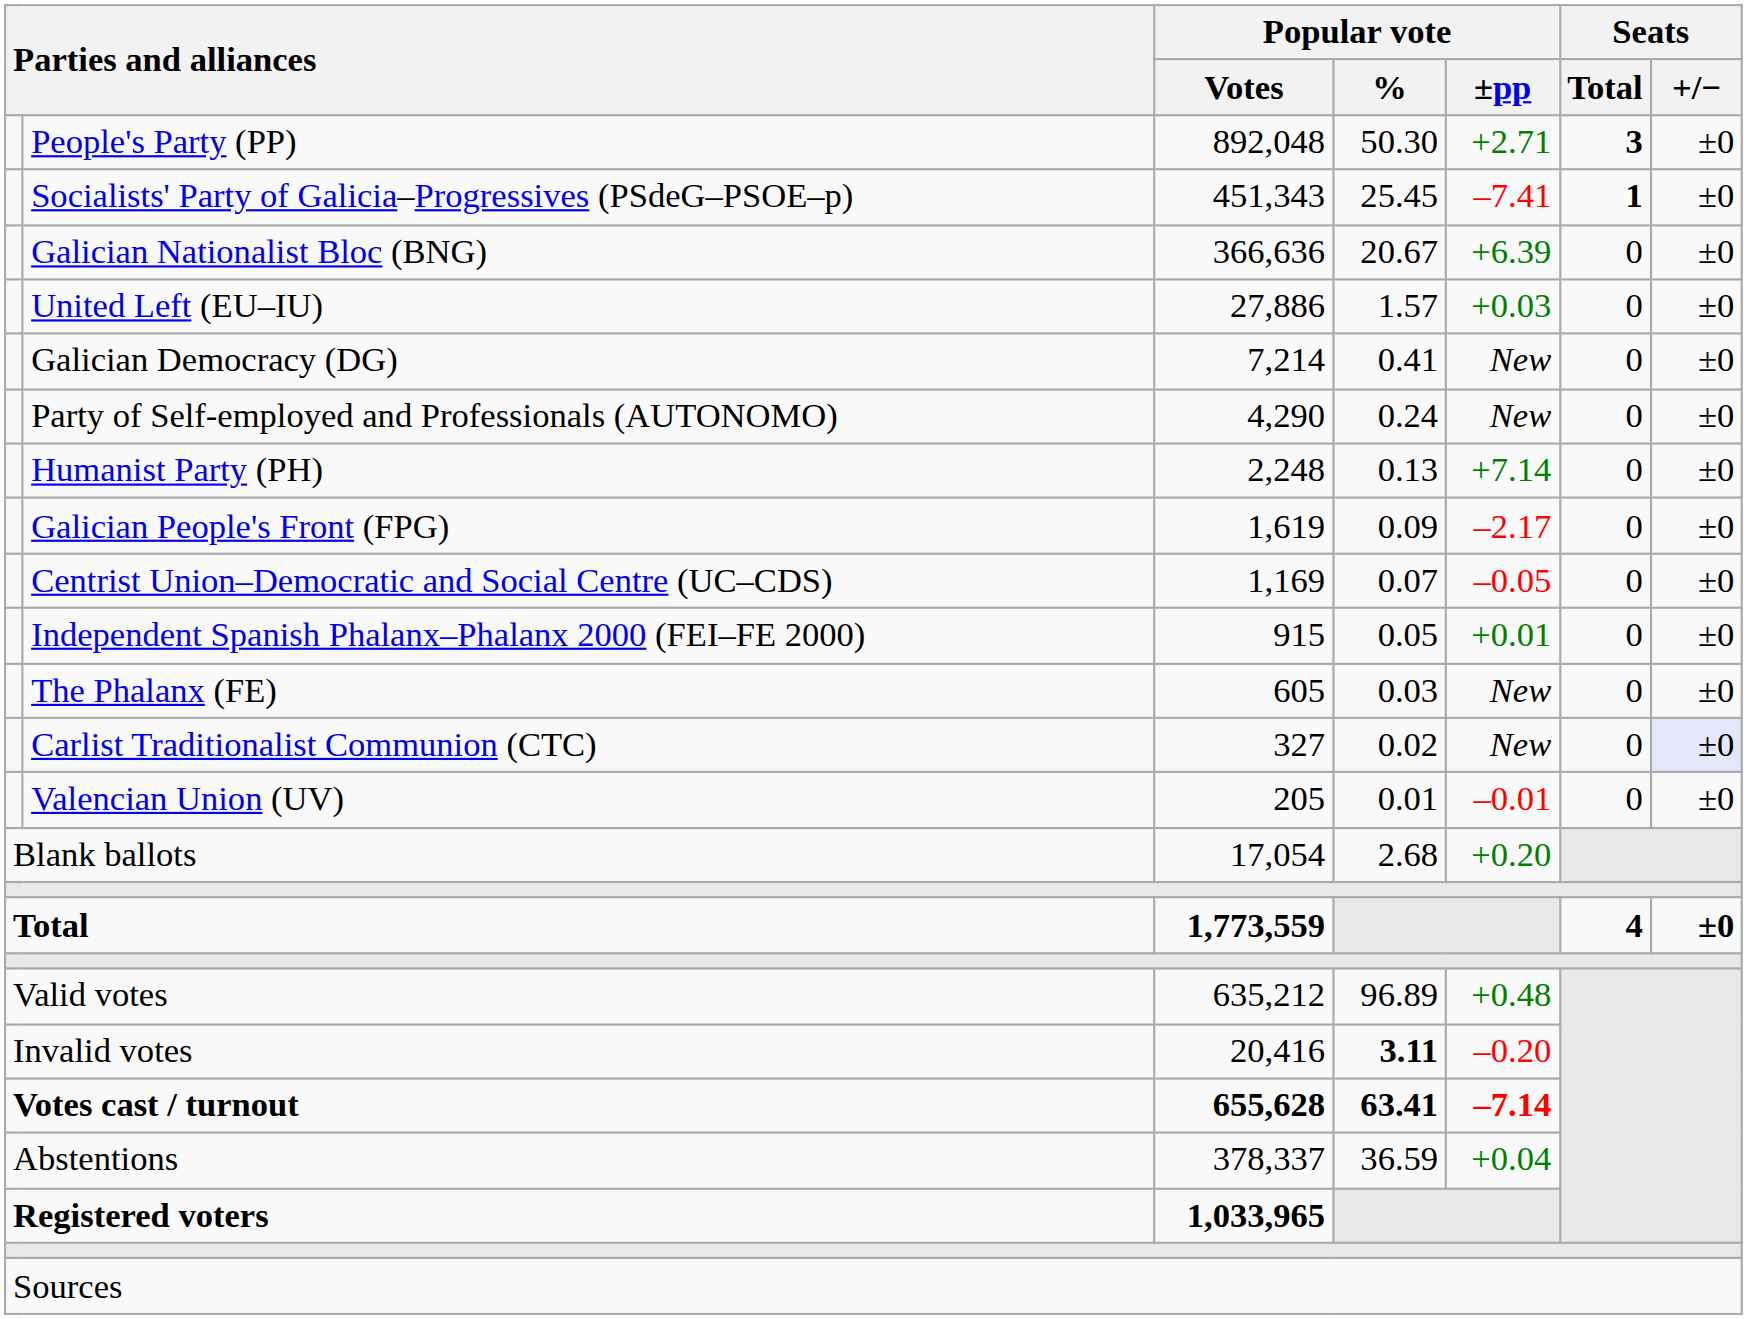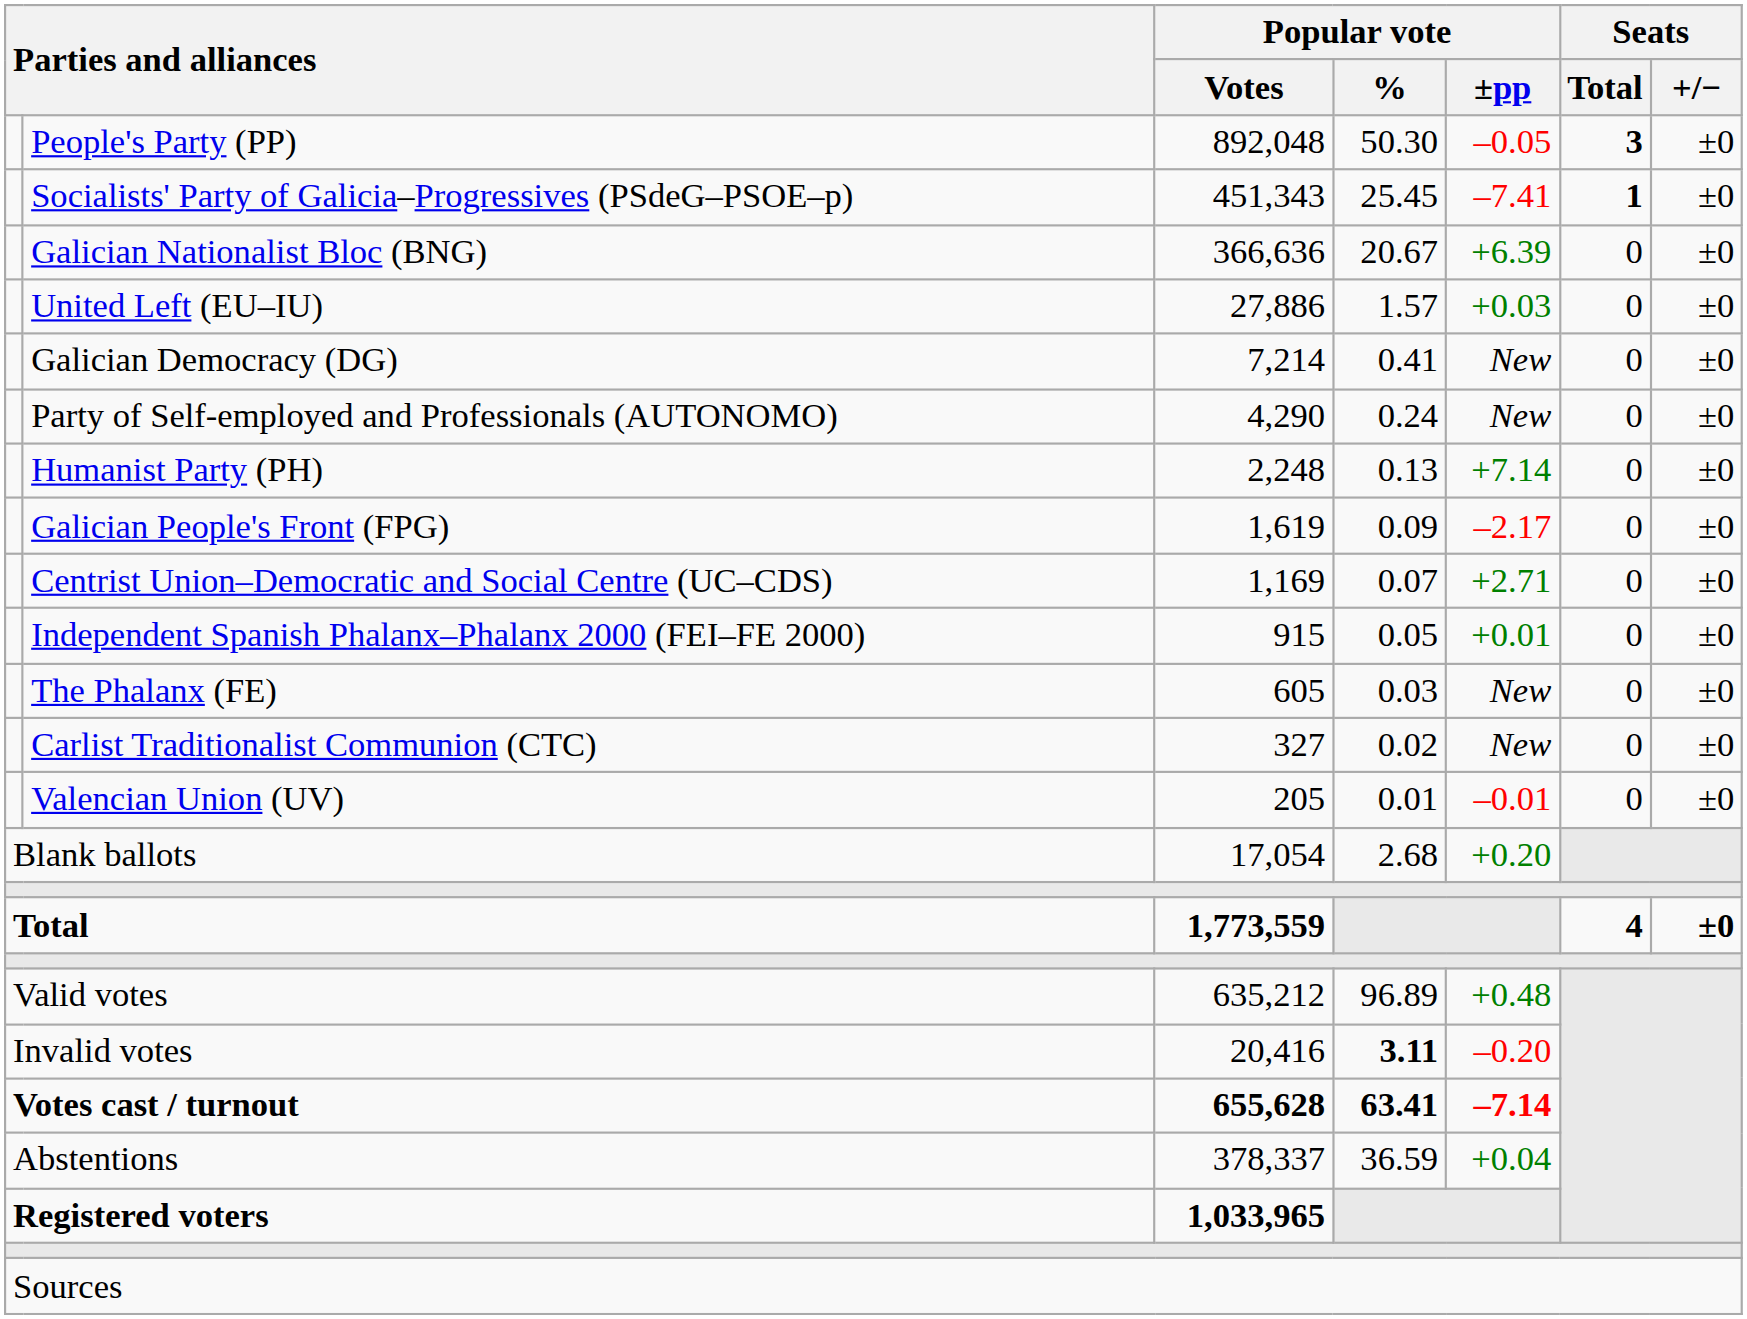 <table class="wikitable" style="text-align:right;">
 <tr>
 <th style="text-align:left;" rowspan="2" colspan="2" width="525">Parties and alliances</th>
 <th colspan="3">Popular vote</th>
 <th colspan="2">Seats</th>
 </tr>
 <tr>
 <th width="75">Votes</th>
 <th width="45">%</th>
 <th width="45">±<a href='#'>pp</a></th>
 <th width="35">Total</th>
 <th width="35">+/−</th>
 </tr>
 <tr>
 <td width="1" style="color:inherit;background:"></td>
 <td align="left"><a href='#'>People's Party</a> (PP)</td>
 <td>892,048</td>
 <td>50.30</td>
-<td style="color:green;">+2.71</td>
+<td style="color:red;">–0.05</td>
 <td><strong>3</strong></td>
 <td>±0</td>
 </tr>
 <tr>
 <td style="color:inherit;background:"></td>
 <td align="left"><a href='#'>Socialists' Party of Galicia</a>–<a href='#'>Progressives</a> (PSdeG–PSOE–p)</td>
 <td>451,343</td>
 <td>25.45</td>
 <td style="color:red;">–7.41</td>
 <td><strong>1</strong></td>
 <td>±0</td>
 </tr>
 <tr>
 <td style="color:inherit;background:"></td>
 <td align="left"><a href='#'>Galician Nationalist Bloc</a> (BNG)</td>
 <td>366,636</td>
 <td>20.67</td>
 <td style="color:green;">+6.39</td>
 <td>0</td>
 <td>±0</td>
 </tr>
 <tr>
 <td style="color:inherit;background:"></td>
 <td align="left"><a href='#'>United Left</a> (EU–IU)</td>
 <td>27,886</td>
 <td>1.57</td>
 <td style="color:green;">+0.03</td>
 <td>0</td>
 <td>±0</td>
 </tr>
 <tr>
 <td style="color:inherit;background:"></td>
 <td align="left">Galician Democracy (DG)</td>
 <td>7,214</td>
 <td>0.41</td>
 <td><em>New</em></td>
 <td>0</td>
 <td>±0</td>
 </tr>
 <tr>
 <td style="color:inherit;background:"></td>
 <td align="left">Party of Self-employed and Professionals (AUTONOMO)</td>
 <td>4,290</td>
 <td>0.24</td>
 <td><em>New</em></td>
 <td>0</td>
 <td>±0</td>
 </tr>
 <tr>
 <td style="color:inherit;background:"></td>
 <td align="left"><a href='#'>Humanist Party</a> (PH)</td>
 <td>2,248</td>
 <td>0.13</td>
 <td style="color:green;">+7.14</td>
 <td>0</td>
 <td>±0</td>
 </tr>
 <tr>
 <td style="color:inherit;background:"></td>
 <td align="left"><a href='#'>Galician People's Front</a> (FPG)</td>
 <td>1,619</td>
 <td>0.09</td>
 <td style="color:red;">–2.17</td>
 <td>0</td>
 <td>±0</td>
 </tr>
 <tr>
 <td style="color:inherit;background:"></td>
 <td align="left"><a href='#'>Centrist Union–Democratic and Social Centre</a> (UC–CDS)</td>
 <td>1,169</td>
 <td>0.07</td>
-<td style="color:red;">–0.05</td>
+<td style="color:green;">+2.71</td>
 <td>0</td>
 <td>±0</td>
 </tr>
 <tr>
 <td style="color:inherit;background:"></td>
 <td align="left"><a href='#'>Independent Spanish Phalanx–Phalanx 2000</a> (FEI–FE 2000)</td>
 <td>915</td>
 <td>0.05</td>
 <td style="color:green;">+0.01</td>
 <td>0</td>
 <td>±0</td>
 </tr>
 <tr>
 <td style="color:inherit;background:"></td>
 <td align="left"><a href='#'>The Phalanx</a> (FE)</td>
 <td>605</td>
 <td>0.03</td>
 <td><em>New</em></td>
 <td>0</td>
 <td>±0</td>
 </tr>
 <tr>
 <td style="color:inherit;background:"></td>
 <td align="left"><a href='#'>Carlist Traditionalist Communion</a> (CTC)</td>
 <td>327</td>
 <td>0.02</td>
 <td><em>New</em></td>
 <td>0</td>
-<td style="background: lavender;">±0</td>
+<td>±0</td>
 </tr>
 <tr>
 <td style="color:inherit;background:"></td>
 <td align="left"><a href='#'>Valencian Union</a> (UV)</td>
 <td>205</td>
 <td>0.01</td>
 <td style="color:red;">–0.01</td>
 <td>0</td>
 <td>±0</td>
 </tr>
 <tr>
 <td align="left" colspan="2">Blank ballots</td>
 <td>17,054</td>
 <td>2.68</td>
 <td style="color:green;">+0.20</td>
 <td bgcolor="#E9E9E9" colspan="2"></td>
 </tr>
 <tr>
 <td colspan="7" bgcolor="#E9E9E9"></td>
 </tr>
 <tr style="font-weight:bold;">
 <td align="left" colspan="2">Total</td>
 <td>1,773,559</td>
 <td bgcolor="#E9E9E9" colspan="2"></td>
 <td>4</td>
 <td>±0</td>
 </tr>
 <tr>
 <td colspan="7" bgcolor="#E9E9E9"></td>
 </tr>
 <tr>
 <td align="left" colspan="2">Valid votes</td>
 <td>635,212</td>
 <td>96.89</td>
 <td style="color:green;">+0.48</td>
 <td bgcolor="#E9E9E9" colspan="2" rowspan="5"></td>
 </tr>
 <tr>
 <td align="left" colspan="2">Invalid votes</td>
 <td>20,416</td>
 <td><strong>3.11</strong></td>
 <td style="color:red;">–0.20</td>
 </tr>
 <tr style="font-weight:bold;">
 <td align="left" colspan="2">Votes cast / turnout</td>
 <td>655,628</td>
 <td>63.41</td>
 <td style="color:red;">–7.14</td>
 </tr>
 <tr>
 <td align="left" colspan="2">Abstentions</td>
 <td>378,337</td>
 <td>36.59</td>
 <td style="color:green;">+0.04</td>
 </tr>
 <tr style="font-weight:bold;">
 <td align="left" colspan="2">Registered voters</td>
 <td>1,033,965</td>
 <td bgcolor="#E9E9E9" colspan="2"></td>
 </tr>
 <tr>
 <td colspan="7" bgcolor="#E9E9E9"></td>
 </tr>
 <tr>
 <td align="left" colspan="7">Sources</td>
 </tr>
 </table>
